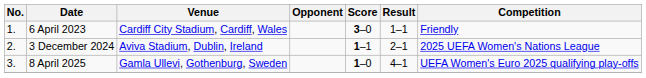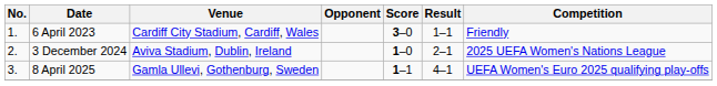 <table class="wikitable">
 <tr>
 <th>No.</th>
 <th>Date</th>
 <th>Venue</th>
 <th>Opponent</th>
 <th>Score</th>
 <th>Result</th>
 <th>Competition</th>
 </tr>
 <tr>
 <td>1.</td>
 <td>6 April 2023</td>
 <td><a href='#'>Cardiff City Stadium</a>, <a href='#'>Cardiff</a>, <a href='#'>Wales</a></td>
 <td></td>
 <td align=center><strong>3</strong>–0</td>
 <td align=center>1–1</td>
 <td><a href='#'>Friendly</a></td>
 </tr>
 <tr>
 <td>2.</td>
 <td>3 December 2024</td>
 <td><a href='#'>Aviva Stadium</a>, <a href='#'>Dublin</a>, <a href='#'>Ireland</a></td>
 <td></td>
-<td align=center><strong>1</strong>–1</td>
+<td align=center><strong>1</strong>–0</td>
 <td align=center>2–1</td>
 <td><a href='#'>2025 UEFA Women's Nations League</a></td>
 </tr>
 <tr>
 <td>3.</td>
 <td>8 April 2025</td>
 <td><a href='#'>Gamla Ullevi</a>, <a href='#'>Gothenburg</a>, <a href='#'>Sweden</a></td>
 <td></td>
-<td align=center><strong>1</strong>–0</td>
+<td align=center><strong>1</strong>–1</td>
 <td align=center>4–1</td>
 <td><a href='#'>UEFA Women's Euro 2025 qualifying play-offs</a></td>
 </tr>
 <tr>
 </tr>
 </table>
